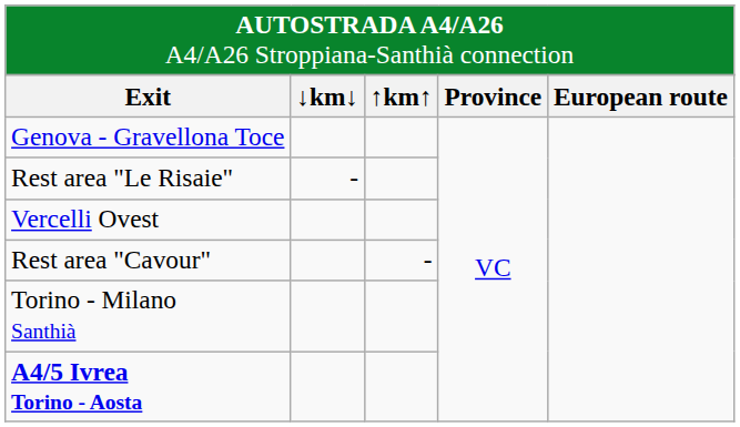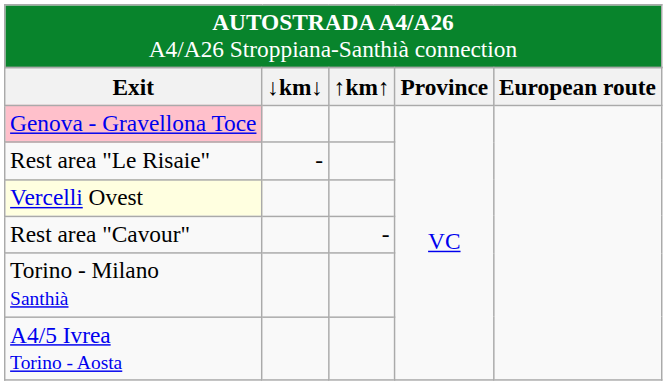 <table class="wikitable">
 <tr align="center" style="color: white;font-size:100%;" bgcolor="#08842c">
 <td colspan="6"><strong> AUTOSTRADA A4/A26</strong><br>A4/A26 Stroppiana-Santhià connection</td>
 </tr>
 <tr>
 </tr>
 <tr>
 <th><strong>Exit</strong></th>
 <th align="center"><strong>↓km↓</strong></th>
 <th align="center"><strong>↑km↑</strong></th>
 <th align="center"><strong>Province</strong></th>
 <th align="center"><strong>European route</strong></th>
 </tr>
 <tr>
-<td>  <a href='#'>Genova - Gravellona Toce</a></td>
+<td style="background: pink;">  <a href='#'>Genova - Gravellona Toce</a></td>
 <td align="right"></td>
 <td align="right"></td>
 <td rowspan="6" align="center"><a href='#'>VC</a></td>
 <td rowspan="6" align="center"></td>
 </tr>
 <tr>
 <td> Rest area "Le Risaie" </td>
 <td align="right">-</td>
 <td align="right"></td>
 </tr>
 <tr>
-<td> <a href='#'>Vercelli</a> Ovest</td>
+<td style="background: lightyellow;"> <a href='#'>Vercelli</a> Ovest</td>
 <td align="right"></td>
 <td align="right"></td>
 </tr>
 <tr>
 <td> Rest area "Cavour"</td>
 <td align="right"></td>
 <td align="right">-</td>
 </tr>
 <tr>
 <td>   Torino - Milano<br><small><a href='#'>Santhià</a></small></td>
 <td align="right"></td>
 <td align="right"></td>
 </tr>
 <tr>
-<td><strong>  <a href='#'>A4/5 Ivrea</a><br><small> <a href='#'>Torino - Aosta</a></small></strong></td>
+<td>  <a href='#'>A4/5 Ivrea</a><br><small> <a href='#'>Torino - Aosta</a></small></td>
 <td align="right"></td>
 <td align="right"></td>
 </tr>
 </table>
